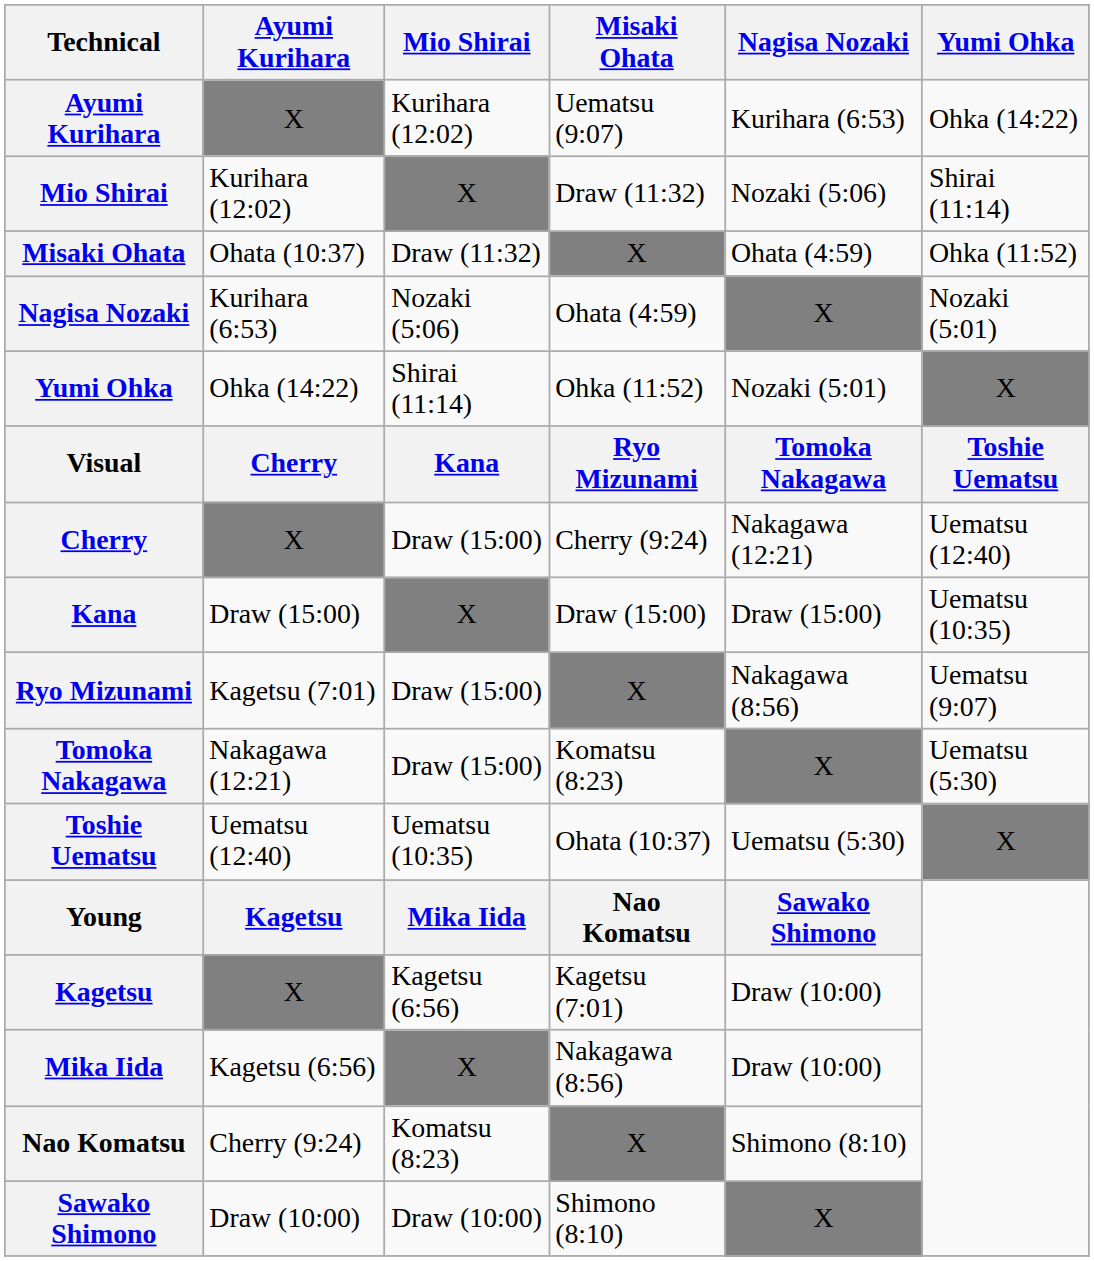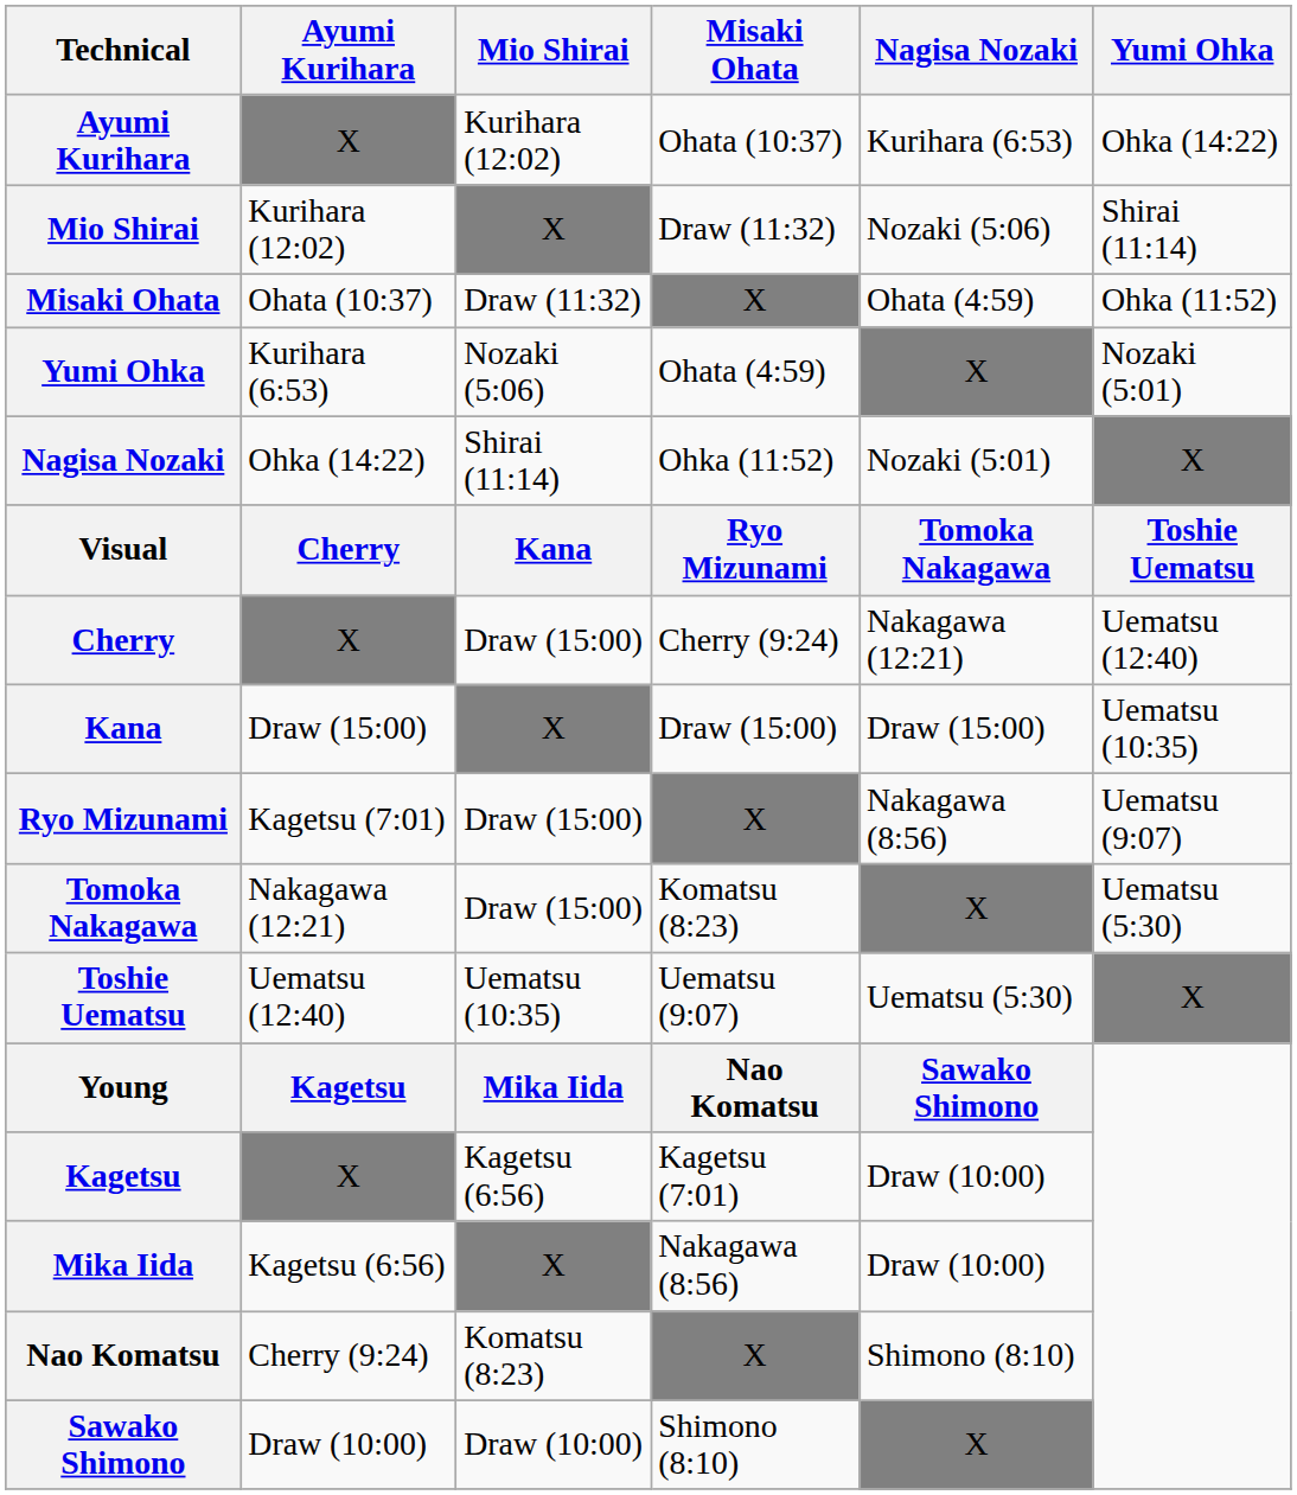 <table class="wikitable" align=center style="margin: 1em auto 1em auto">
 <tr>
 <th>Technical</th>
 <th><a href='#'>Ayumi Kurihara</a></th>
 <th><a href='#'>Mio Shirai</a></th>
 <th><a href='#'>Misaki Ohata</a></th>
 <th><a href='#'>Nagisa Nozaki</a></th>
 <th><a href='#'>Yumi Ohka</a></th>
 </tr>
 <tr>
 <th><a href='#'>Ayumi Kurihara</a></th>
 <td bgcolor=grey align="center">X</td>
 <td>Kurihara (12:02)</td>
-<td>Uematsu (9:07)</td>
+<td>Ohata (10:37)</td>
 <td>Kurihara (6:53)</td>
 <td>Ohka (14:22)</td>
 </tr>
 <tr>
 <th><a href='#'>Mio Shirai</a></th>
 <td>Kurihara (12:02)</td>
 <td bgcolor=grey align="center">X</td>
 <td>Draw (11:32)</td>
 <td>Nozaki (5:06)</td>
 <td>Shirai (11:14)</td>
 </tr>
 <tr>
 <th><a href='#'>Misaki Ohata</a></th>
 <td>Ohata (10:37)</td>
 <td>Draw (11:32)</td>
 <td bgcolor=grey align="center">X</td>
 <td>Ohata (4:59)</td>
 <td>Ohka (11:52)</td>
 </tr>
 <tr>
-<th><a href='#'>Nagisa Nozaki</a></th>
+<th><a href='#'>Yumi Ohka</a></th>
 <td>Kurihara (6:53)</td>
 <td>Nozaki (5:06)</td>
 <td>Ohata (4:59)</td>
 <td bgcolor=grey align="center">X</td>
 <td>Nozaki (5:01)</td>
 </tr>
 <tr>
-<th><a href='#'>Yumi Ohka</a></th>
+<th><a href='#'>Nagisa Nozaki</a></th>
 <td>Ohka (14:22)</td>
 <td>Shirai (11:14)</td>
 <td>Ohka (11:52)</td>
 <td>Nozaki (5:01)</td>
 <td bgcolor=grey align="center">X</td>
 </tr>
 <tr>
 <th>Visual</th>
 <th><a href='#'>Cherry</a></th>
 <th><a href='#'>Kana</a></th>
 <th><a href='#'>Ryo Mizunami</a></th>
 <th><a href='#'>Tomoka Nakagawa</a></th>
 <th><a href='#'>Toshie Uematsu</a></th>
 </tr>
 <tr>
 <th><a href='#'>Cherry</a></th>
 <td bgcolor=grey align="center">X</td>
 <td>Draw (15:00)</td>
 <td>Cherry (9:24)</td>
 <td>Nakagawa (12:21)</td>
 <td>Uematsu (12:40)</td>
 </tr>
 <tr>
 <th><a href='#'>Kana</a></th>
 <td>Draw (15:00)</td>
 <td bgcolor=grey align="center">X</td>
 <td>Draw (15:00)</td>
 <td>Draw (15:00)</td>
 <td>Uematsu (10:35)</td>
 </tr>
 <tr>
 <th><a href='#'>Ryo Mizunami</a></th>
 <td>Kagetsu (7:01)</td>
 <td>Draw (15:00)</td>
 <td bgcolor=grey align="center">X</td>
 <td>Nakagawa (8:56)</td>
 <td>Uematsu (9:07)</td>
 </tr>
 <tr>
 <th><a href='#'>Tomoka Nakagawa</a></th>
 <td>Nakagawa (12:21)</td>
 <td>Draw (15:00)</td>
 <td>Komatsu (8:23)</td>
 <td bgcolor=grey align="center">X</td>
 <td>Uematsu (5:30)</td>
 </tr>
 <tr>
 <th><a href='#'>Toshie Uematsu</a></th>
 <td>Uematsu (12:40)</td>
 <td>Uematsu (10:35)</td>
-<td>Ohata (10:37)</td>
+<td>Uematsu (9:07)</td>
 <td>Uematsu (5:30)</td>
 <td bgcolor=grey align="center">X</td>
 </tr>
 <tr>
 <th>Young</th>
 <th><a href='#'>Kagetsu</a></th>
 <th><a href='#'>Mika Iida</a></th>
 <th>Nao Komatsu</th>
 <th><a href='#'>Sawako Shimono</a></th>
 </tr>
 <tr>
 <th><a href='#'>Kagetsu</a></th>
 <td bgcolor=grey align="center">X</td>
 <td>Kagetsu (6:56)</td>
 <td>Kagetsu (7:01)</td>
 <td>Draw (10:00)</td>
 </tr>
 <tr>
 <th><a href='#'>Mika Iida</a></th>
 <td>Kagetsu (6:56)</td>
 <td bgcolor=grey align="center">X</td>
 <td>Nakagawa (8:56)</td>
 <td>Draw (10:00)</td>
 </tr>
 <tr>
 <th>Nao Komatsu</th>
 <td>Cherry (9:24)</td>
 <td>Komatsu (8:23)</td>
 <td bgcolor=grey align="center">X</td>
 <td>Shimono (8:10)</td>
 </tr>
 <tr>
 <th><a href='#'>Sawako Shimono</a></th>
 <td>Draw (10:00)</td>
 <td>Draw (10:00)</td>
 <td>Shimono (8:10)</td>
 <td bgcolor=grey align="center">X</td>
 </tr>
 </table>
